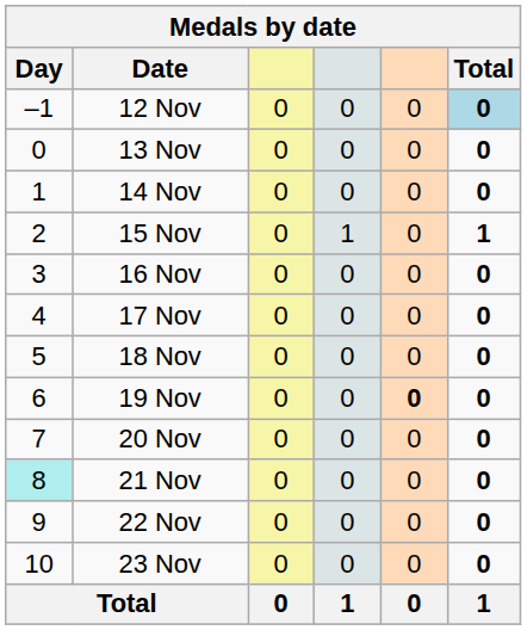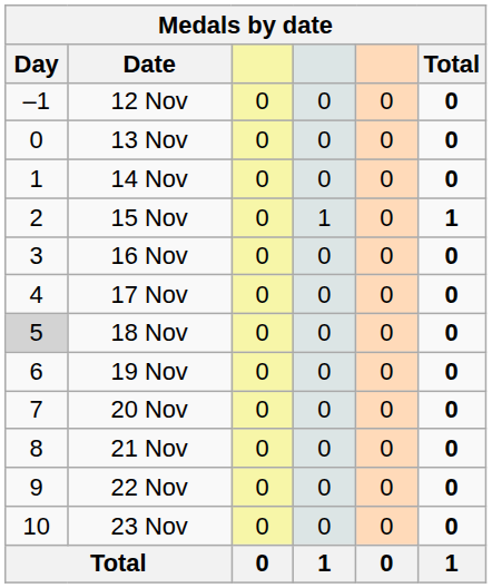 <table class="wikitable" style="font-size:90%; text-align:center;">
 <tr style="background:#efefef;">
 <th colspan=6><strong>Medals by date</strong></th>
 </tr>
 <tr>
 <th width=30><strong>Day</strong></th>
 <th width=90><strong>Date</strong></th>
 <th width=30 style="background:#F7F6A8;"></th>
 <th width=30 style="background:#DCE5E5;"></th>
 <th width=30 style="background:#FFDAB9;"></th>
 <th width=30><strong>Total</strong></th>
 </tr>
 <tr>
 <td>–1</td>
 <td>12 Nov</td>
 <td style="background:#F7F6A8;">0</td>
 <td style="background:#DCE5E5;">0</td>
 <td style="background:#FFDAB9;">0</td>
-<td style="background: lightblue;"><strong>0</strong></td>
+<td><strong>0</strong></td>
 </tr>
 <tr>
 <td>0</td>
 <td>13 Nov</td>
 <td style="background:#F7F6A8;">0</td>
 <td style="background:#DCE5E5;">0</td>
 <td style="background:#FFDAB9;">0</td>
 <td><strong>0</strong></td>
 </tr>
 <tr>
 <td>1</td>
 <td>14 Nov</td>
 <td style="background:#F7F6A8;">0</td>
 <td style="background:#DCE5E5;">0</td>
 <td style="background:#FFDAB9;">0</td>
 <td><strong>0</strong></td>
 </tr>
 <tr>
 <td>2</td>
 <td>15 Nov</td>
 <td style="background:#F7F6A8;">0</td>
 <td style="background:#DCE5E5;">1</td>
 <td style="background:#FFDAB9;">0</td>
 <td><strong>1</strong></td>
 </tr>
 <tr>
 <td>3</td>
 <td>16 Nov</td>
 <td style="background:#F7F6A8;">0</td>
 <td style="background:#DCE5E5;">0</td>
 <td style="background:#FFDAB9;">0</td>
 <td><strong>0</strong></td>
 </tr>
 <tr>
 <td>4</td>
 <td>17 Nov</td>
 <td style="background:#F7F6A8;">0</td>
 <td style="background:#DCE5E5;">0</td>
 <td style="background:#FFDAB9;">0</td>
 <td><strong>0</strong></td>
 </tr>
 <tr>
-<td>5</td>
+<td style="background: lightgrey;">5</td>
 <td>18 Nov</td>
 <td style="background:#F7F6A8;">0</td>
 <td style="background:#DCE5E5;">0</td>
 <td style="background:#FFDAB9;">0</td>
 <td><strong>0</strong></td>
 </tr>
 <tr>
 <td>6</td>
 <td>19 Nov</td>
 <td style="background:#F7F6A8;">0</td>
 <td style="background:#DCE5E5;">0</td>
-<td style="background:#FFDAB9;"><strong>0</strong></td>
+<td style="background:#FFDAB9;">0</td>
 <td><strong>0</strong></td>
 </tr>
 <tr>
 <td>7</td>
 <td>20 Nov</td>
 <td style="background:#F7F6A8;">0</td>
 <td style="background:#DCE5E5;">0</td>
 <td style="background:#FFDAB9;">0</td>
 <td><strong>0</strong></td>
 </tr>
 <tr>
-<td style="background: paleturquoise;">8</td>
+<td>8</td>
 <td>21 Nov</td>
 <td style="background:#F7F6A8;">0</td>
 <td style="background:#DCE5E5;">0</td>
 <td style="background:#FFDAB9;">0</td>
 <td><strong>0</strong></td>
 </tr>
 <tr>
 <td>9</td>
 <td>22 Nov</td>
 <td style="background:#F7F6A8;">0</td>
 <td style="background:#DCE5E5;">0</td>
 <td style="background:#FFDAB9;">0</td>
 <td><strong>0</strong></td>
 </tr>
 <tr>
 <td>10</td>
 <td>23 Nov</td>
 <td style="background:#F7F6A8;">0</td>
 <td style="background:#DCE5E5;">0</td>
 <td style="background:#FFDAB9;">0</td>
 <td><strong>0</strong></td>
 </tr>
 <tr>
 <th colspan="2"><strong>Total</strong></th>
 <th><strong>0</strong></th>
 <th><strong>1</strong></th>
 <th><strong>0</strong></th>
 <th><strong>1</strong></th>
 </tr>
 </table>
